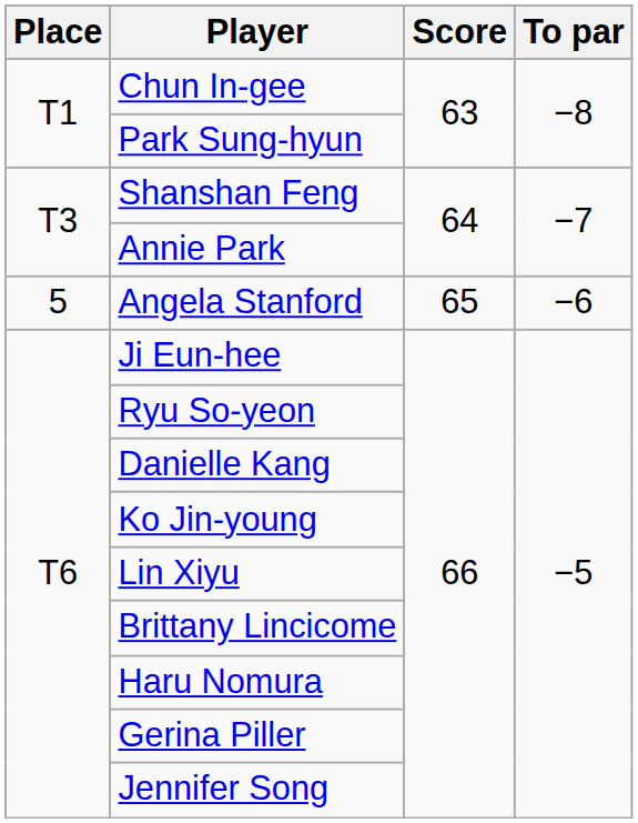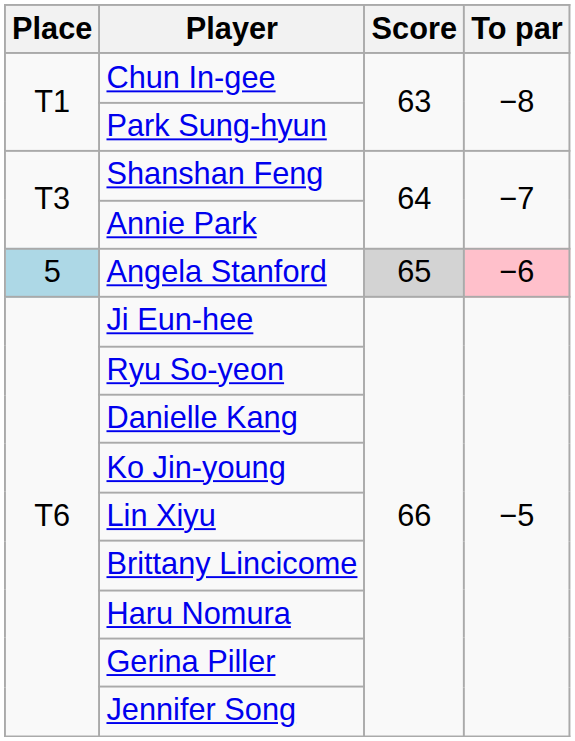 <table class="wikitable">
 <tr>
 <th>Place</th>
 <th>Player</th>
 <th>Score</th>
 <th>To par</th>
 </tr>
 <tr>
 <td align=center rowspan=2>T1</td>
 <td> <a href='#'>Chun In-gee</a></td>
 <td align=center rowspan=2>63</td>
 <td align=center rowspan=2>−8</td>
 </tr>
 <tr>
 <td> <a href='#'>Park Sung-hyun</a></td>
 </tr>
 <tr>
 <td align=center rowspan=2>T3</td>
 <td> <a href='#'>Shanshan Feng</a></td>
 <td align=center rowspan=2>64</td>
 <td align=center rowspan=2>−7</td>
 </tr>
 <tr>
 <td> <a href='#'>Annie Park</a></td>
 </tr>
 <tr>
-<td align=center>5</td>
+<td align=center style="background: lightblue;">5</td>
 <td> <a href='#'>Angela Stanford</a></td>
-<td align=center>65</td>
-<td align=center>−6</td>
+<td align=center style="background: lightgrey;">65</td>
+<td align=center style="background: pink;">−6</td>
 </tr>
 <tr>
 <td align=center rowspan=9>T6</td>
 <td> <a href='#'>Ji Eun-hee</a></td>
 <td align=center rowspan=9>66</td>
 <td align=center rowspan=9>−5</td>
 </tr>
 <tr>
 <td> <a href='#'>Ryu So-yeon</a></td>
 </tr>
 <tr>
 <td> <a href='#'>Danielle Kang</a></td>
 </tr>
 <tr>
 <td> <a href='#'>Ko Jin-young</a></td>
 </tr>
 <tr>
 <td> <a href='#'>Lin Xiyu</a></td>
 </tr>
 <tr>
 <td> <a href='#'>Brittany Lincicome</a></td>
 </tr>
 <tr>
 <td> <a href='#'>Haru Nomura</a></td>
 </tr>
 <tr>
 <td> <a href='#'>Gerina Piller</a></td>
 </tr>
 <tr>
 <td> <a href='#'>Jennifer Song</a></td>
 </tr>
 </table>
